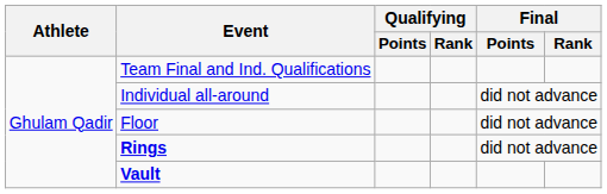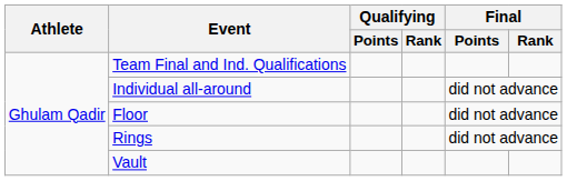 <table class=wikitable style="font-size:90%">
 <tr>
 <th rowspan=2>Athlete</th>
 <th rowspan=2>Event</th>
 <th colspan="2">Qualifying</th>
 <th colspan="2">Final</th>
 </tr>
 <tr style="font-size:95%">
 <th>Points</th>
 <th>Rank</th>
 <th>Points</th>
 <th>Rank</th>
 </tr>
 <tr align=center>
 <td align=left rowspan=5><a href='#'>Ghulam Qadir</a></td>
 <td align=left><a href='#'>Team Final and Ind. Qualifications</a></td>
 <td></td>
 <td></td>
 <td></td>
 <td></td>
 </tr>
 <tr align=center>
 <td align=left><a href='#'>Individual all-around</a></td>
 <td></td>
 <td></td>
 <td colspan=2>did not advance</td>
 </tr>
 <tr align=center>
 <td align=left><a href='#'>Floor</a></td>
 <td></td>
 <td></td>
 <td colspan=2>did not advance</td>
 </tr>
 <tr align=center>
-<td align=left><strong><a href='#'>Rings</a></strong></td>
+<td align=left><a href='#'>Rings</a></td>
 <td></td>
 <td></td>
 <td colspan=2>did not advance</td>
 </tr>
 <tr align=center>
-<td align=left><strong><a href='#'>Vault</a></strong></td>
+<td align=left><a href='#'>Vault</a></td>
 <td></td>
 <td></td>
 <td></td>
 <td></td>
 </tr>
 </table>
